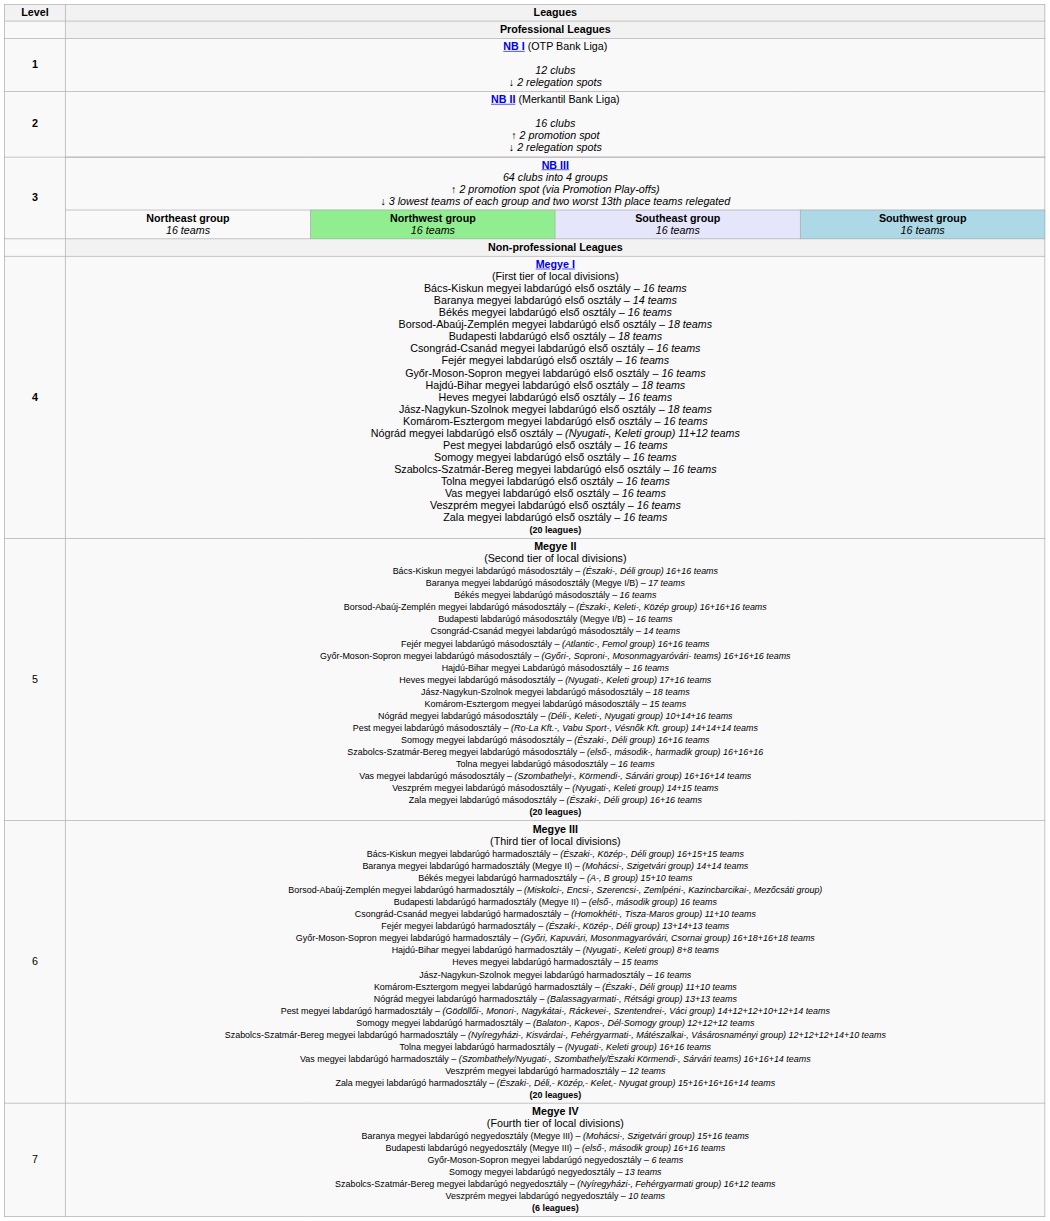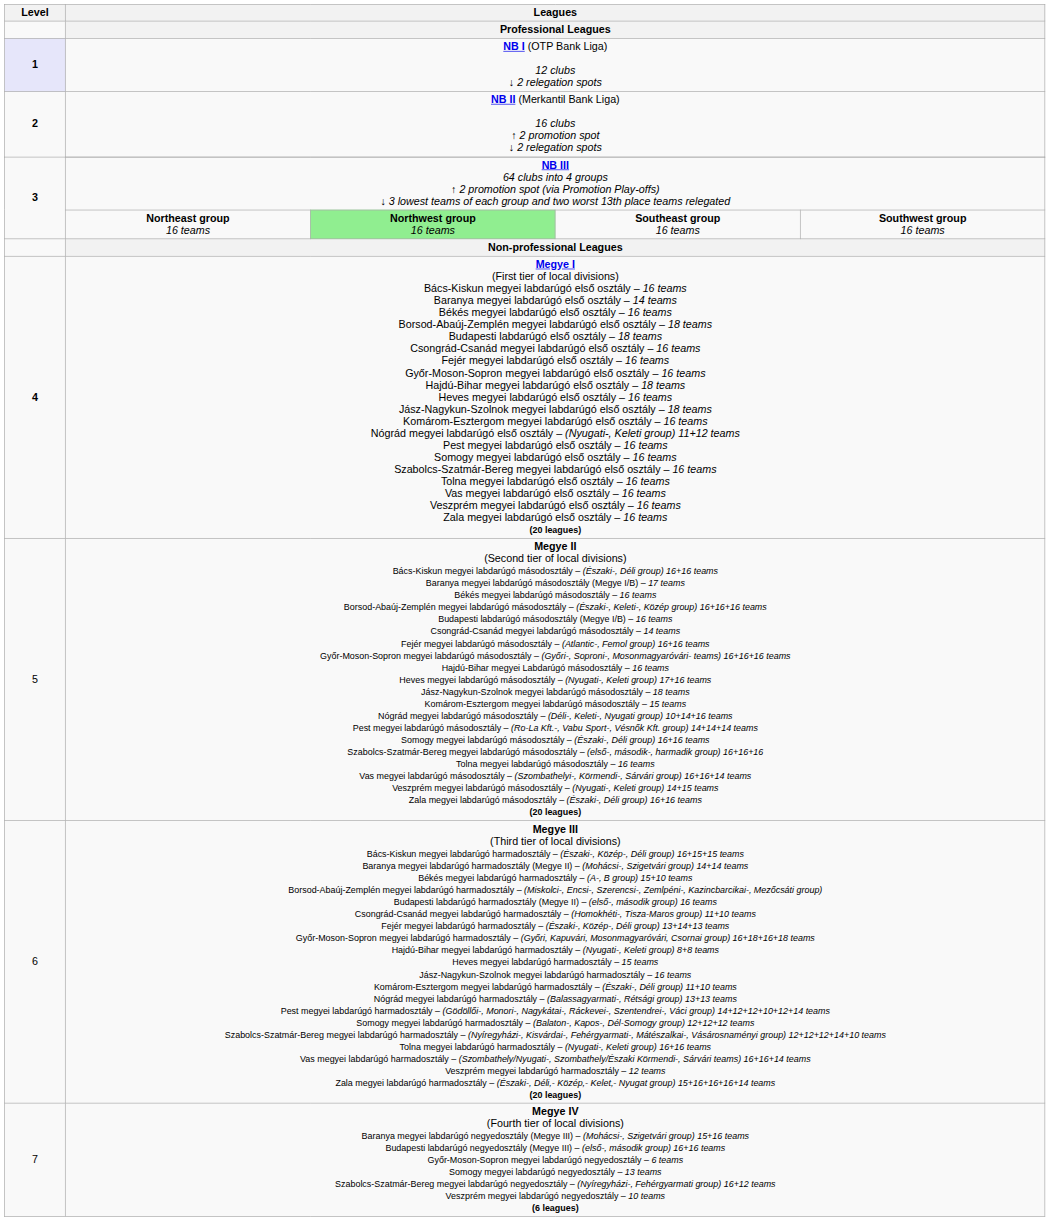 <table class="wikitable" style="text-align: center;">
 <tr>
 <th width="4%">Level</th>
 <th colspan="6" width="96%">Leagues</th>
 </tr>
 <tr>
 <td colspan="1"></td>
 <th colspan="5" style="text-align:center;">Professional Leagues</th>
 </tr>
 <tr>
-<td><strong>1</strong></td>
+<td style="background: lavender;"><strong>1</strong></td>
 <td colspan="6"><strong><a href='#'>NB I</a></strong> (OTP Bank Liga)<br><br><em>12 clubs <br> ↓ 2 relegation spots</em></td>
 </tr>
 <tr>
 <td><strong>2</strong></td>
 <td colspan="6"><strong><a href='#'>NB II</a></strong> (Merkantil Bank Liga)<br><br><em>16 clubs <br> ↑ 2 promotion spot <br> ↓ 2 relegation spots</em></td>
 </tr>
 <tr>
 <td rowspan=3 width="4%"><strong>3</strong></td>
 </tr>
 <tr>
 <td colspan=6><strong><a href='#'>NB III</a></strong> <br> <em>64 clubs into 4 groups <br> ↑ 2 promotion spot (via Promotion Play-offs) <br> ↓ 3 lowest teams of each group and two worst 13th place teams relegated</em></td>
 </tr>
 <tr>
 <td width="16%"><strong>Northeast group</strong><br><em>16 teams</em></td>
 <td width="16%" style="background: lightgreen;"><strong>Northwest group</strong><br><em>16 teams</em></td>
-<td width="16%" style="background: lavender;"><strong>Southeast group</strong><br><em>16 teams</em></td>
-<td width="16%" style="background: lightblue;"><strong>Southwest group</strong><br><em>16 teams</em></td>
+<td width="16%"><strong>Southeast group</strong><br><em>16 teams</em></td>
+<td width="16%"><strong>Southwest group</strong><br><em>16 teams</em></td>
 </tr>
 <tr>
 <td colspan="1"></td>
 <th colspan="5" style="text-align:center;">Non-professional Leagues</th>
 </tr>
 <tr>
 <td><strong>4</strong></td>
 <td colspan="6"><strong><a href='#'>Megye I</a></strong><br>(First tier of local divisions)<br>Bács-Kiskun megyei labdarúgó első osztály – <em>16 teams</em><br> Baranya megyei labdarúgó első osztály – <em>14 teams</em><br> Békés megyei labdarúgó első osztály – <em>16 teams</em><br> Borsod-Abaúj-Zemplén megyei labdarúgó első osztály – <em>18 teams</em><br> Budapesti labdarúgó első osztály – <em>18 teams</em><br> Csongrád-Csanád megyei labdarúgó első osztály – <em>16 teams</em><br> Fejér megyei labdarúgó első osztály – <em>16 teams</em><br> Győr-Moson-Sopron megyei labdarúgó első osztály – <em>16 teams</em><br> Hajdú-Bihar megyei labdarúgó első osztály – <em>18 teams</em><br> Heves megyei labdarúgó első osztály – <em>16 teams</em><br> Jász-Nagykun-Szolnok megyei labdarúgó első osztály – <em>18 teams</em><br> Komárom-Esztergom megyei labdarúgó első osztály – <em>16 teams</em><br> Nógrád megyei labdarúgó első osztály – <em>(Nyugati-, Keleti group) 11+12 teams</em><br> Pest megyei labdarúgó első osztály – <em>16 teams</em><br> Somogy megyei labdarúgó első osztály – <em>16 teams</em><br> Szabolcs-Szatmár-Bereg megyei labdarúgó első osztály – <em>16 teams</em><br> Tolna megyei labdarúgó első osztály – <em>16 teams</em><br> Vas megyei labdarúgó első osztály – <em>16 teams</em><br> Veszprém megyei labdarúgó első osztály – <em>16 teams</em><br> Zala megyei labdarúgó első osztály – <em>16 teams</em><br> <small><strong>(20 leagues)</strong></small></td>
 </tr>
 <tr>
 <td>5</td>
 <td colspan="6"><strong>Megye II</strong><br>(Second tier of local divisions)<br><small> Bács-Kiskun megyei labdarúgó másodosztály – <em>(Északi-, Déli group) 16+16 teams</em><br> Baranya megyei labdarúgó másodosztály (Megye I/B) – <em>17 teams</em><br> Békés megyei labdarúgó másodosztály – <em>16 teams</em><br> Borsod-Abaúj-Zemplén megyei labdarúgó másodosztály – <em>(Északi-, Keleti-, Közép group) 16+16+16 teams</em><br> Budapesti labdarúgó másodosztály (Megye I/B) – <em>16 teams</em><br> Csongrád-Csanád megyei labdarúgó másodosztály – <em>14 teams</em><br> Fejér megyei labdarúgó másodosztály – <em>(Atlantic-, Femol group) 16+16 teams</em><br> Győr-Moson-Sopron megyei labdarúgó másodosztály – <em>(Győri-, Soproni-, Mosonmagyaróvári- teams) 16+16+16 teams</em><br> Hajdú-Bihar megyei Labdarúgó másodosztály – <em>16 teams</em><br> Heves megyei labdarúgó másodosztály – <em>(Nyugati-, Keleti  group) 17+16 teams</em><br> Jász-Nagykun-Szolnok megyei labdarúgó másodosztály – <em>18 teams</em><br> Komárom-Esztergom megyei labdarúgó másodosztály – <em>15 teams</em><br> Nógrád megyei labdarúgó másodosztály – <em>(Déli-, Keleti-, Nyugati group) 10+14+16 teams</em><br> Pest megyei labdarúgó másodosztály – <em>(Ro-La Kft.-, Vabu Sport-, Vésnők Kft. group) 14+14+14 teams</em><br> Somogy megyei labdarúgó másodosztály – <em>(Északi-, Déli group) 16+16 teams</em><br> Szabolcs-Szatmár-Bereg megyei labdarúgó másodosztály – <em>(első-, második-, harmadik group) 16+16+16</em><br> Tolna megyei labdarúgó másodosztály – <em>16 teams</em><br> Vas megyei labdarúgó másodosztály – <em>(Szombathelyi-, Körmendi-, Sárvári group) 16+16+14 teams</em><br> Veszprém megyei labdarúgó másodosztály – <em>(Nyugati-, Keleti group) 14+15 teams</em><br> Zala megyei labdarúgó másodosztály – <em>(Északi-, Déli group) 16+16 teams</em><br> <strong>(20 leagues)</strong> </small></td>
 </tr>
 <tr>
 <td>6</td>
 <td colspan="6"><strong>Megye III</strong><br>(Third tier of local divisions)<br><small> Bács-Kiskun megyei labdarúgó harmadosztály – <em>(Északi-, Közép-, Déli group) 16+15+15 teams</em><br> Baranya megyei labdarúgó harmadosztály (Megye II) – <em>(Mohácsi-, Szigetvári group) 14+14 teams</em><br> Békés megyei labdarúgó harmadosztály – <em>(A-, B group) 15+10 teams</em><br> Borsod-Abaúj-Zemplén megyei labdarúgó harmadosztály – <em>(Miskolci-, Encsi-, Szerencsi-, Zemlpéni-, Kazincbarcikai-, Mezőcsáti group)</em><br> Budapesti labdarúgó harmadosztály (Megye II) – <em>(első-, második group) 16 teams</em><br> Csongrád-Csanád megyei labdarúgó harmadosztály – <em>(Homokhéti-, Tisza-Maros group) 11+10 teams</em><br> Fejér megyei labdarúgó harmadosztály – <em>(Északi-, Közép-, Déli group) 13+14+13 teams</em><br> Győr-Moson-Sopron megyei labdarúgó harmadosztály – <em>(Győri, Kapuvári, Mosonmagyaróvári, Csornai group) 16+18+16+18 teams</em><br> Hajdú-Bihar megyei labdarúgó harmadosztály – <em>(Nyugati-, Keleti group) 8+8 teams</em><br> Heves megyei labdarúgó harmadosztály – <em>15 teams</em><br> Jász-Nagykun-Szolnok megyei labdarúgó harmadosztály – <em>16 teams</em><br> Komárom-Esztergom megyei labdarúgó harmadosztály – <em>(Északi-, Déli group) 11+10 teams</em><br> Nógrád megyei labdarúgó harmadosztály – <em>(Balassagyarmati-, Rétsági group) 13+13 teams</em><br> Pest megyei labdarúgó harmadosztály – <em>(Gödöllői-, Monori-, Nagykátai-, Ráckevei-, Szentendrei-, Váci group) 14+12+12+10+12+14 teams</em><br> Somogy megyei labdarúgó harmadosztály – <em>(Balaton-, Kapos-, Dél-Somogy group) 12+12+12 teams</em><br> Szabolcs-Szatmár-Bereg megyei labdarúgó harmadosztály – <em>(Nyíregyházi-, Kisvárdai-, Fehérgyarmati-, Mátészalkai-, Vásárosnaményi group) 12+12+12+14+10 teams</em><br> Tolna megyei labdarúgó harmadosztály – <em>(Nyugati-, Keleti group) 16+16 teams</em><br> Vas megyei labdarúgó harmadosztály – <em>(Szombathely/Nyugati-, Szombathely/Északi Körmendi-, Sárvári teams) 16+16+14 teams</em><br> Veszprém megyei labdarúgó harmadosztály – <em>12 teams</em><br> Zala megyei labdarúgó harmadosztály – <em>(Északi-, Déli,- Közép,- Kelet,- Nyugat group) 15+16+16+16+14 teams</em><br> <strong>(20 leagues)</strong> </small></td>
 </tr>
 <tr>
 <td>7</td>
 <td colspan="6"><strong>Megye IV</strong><br>(Fourth tier of local divisions)<br><small> Baranya megyei labdarúgó negyedosztály (Megye III) – <em>(Mohácsi-, Szigetvári group) 15+16 teams</em><br> Budapesti labdarúgó negyedosztály (Megye III) – <em>(első-, második group) 16+16 teams</em><br> Győr-Moson-Sopron megyei labdarúgó negyedosztály – <em>6 teams</em><br> Somogy megyei labdarúgó negyedosztály – <em>13 teams</em><br> Szabolcs-Szatmár-Bereg megyei labdarúgó negyedosztály – <em>(Nyíregyházi-, Fehérgyarmati group) 16+12 teams</em><br> Veszprém megyei labdarúgó negyedosztály – <em>10 teams</em><br> <strong>(6 leagues)</strong> </small></td>
 </tr>
 </table>
